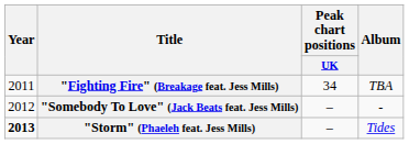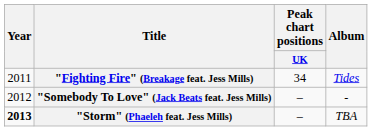 <table class="wikitable plainrowheaders" style="text-align:center;">
 <tr>
 <th scope="col" rowspan="2">Year</th>
 <th scope="col" rowspan="2">Title</th>
 <th scope="col">Peak chart positions</th>
 <th scope="col" rowspan="2">Album</th>
 </tr>
 <tr>
 <th scope="col" style="width:3em;font-size:85%;"><a href='#'>UK</a></th>
 </tr>
 <tr>
 <td>2011</td>
 <th scope="row">"<a href='#'>Fighting Fire</a>" <small>(<a href='#'>Breakage</a> feat. Jess Mills)</small></th>
 <td>34</td>
-<td><em>TBA</em></td>
+<td><em><a href='#'>Tides</a></em></td>
 </tr>
 <tr>
 <td>2012</td>
 <th scope="row">"Somebody To Love" <small>(<a href='#'>Jack Beats</a> feat. Jess Mills)</small></th>
 <td>–</td>
 <td><em>-</em></td>
 </tr>
 <tr>
 <td><strong>2013</strong></td>
 <th scope="row">"Storm" <small>(<a href='#'>Phaeleh</a> feat. Jess Mills)</small></th>
 <td>–</td>
-<td><em><a href='#'>Tides</a></em></td>
+<td><em>TBA</em></td>
 </tr>
 </table>
